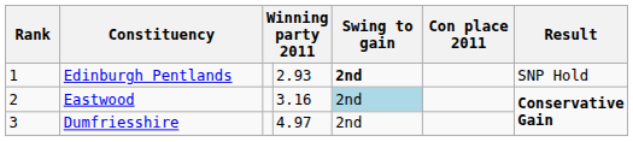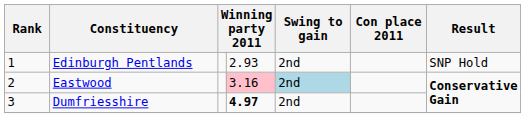 <table class="wikitable" style="width:550px">
 <tr>
 <th style="width:50px;">Rank</th>
 <th style="width:225px;">Constituency</th>
 <th colspan="2" style="width:175px;">Winning party 2011</th>
 <th style="width:100px;">Swing to gain</th>
 <th style="width:100px;">Con place 2011</th>
 <th colspan="2" style="width:175px;">Result</th>
 </tr>
 <tr>
 <td>1</td>
 <td><a href='#'>Edinburgh Pentlands</a></td>
 <td></td>
 <td>2.93</td>
-<td><strong>2nd</strong></td>
+<td>2nd</td>
 <td style="background-color: "></td>
 <td>SNP Hold</td>
 </tr>
 <tr>
 <td>2</td>
 <td><a href='#'>Eastwood</a></td>
 <td></td>
-<td>3.16</td>
+<td style="background: pink;">3.16</td>
 <td style="background: lightblue;">2nd</td>
 <td style="background-color: "></td>
 <td rowspan="2"><strong>Conservative Gain</strong></td>
 </tr>
 <tr>
 <td>3</td>
 <td><a href='#'>Dumfriesshire</a></td>
 <td></td>
-<td>4.97</td>
+<td><strong>4.97</strong></td>
 <td>2nd</td>
 <td style="background-color: "></td>
 </tr>
 <tr>
 </tr>
 </table>
